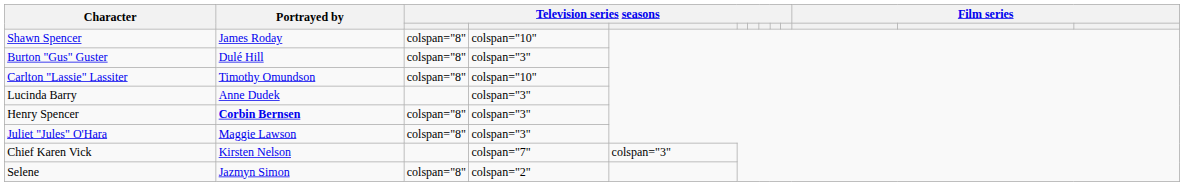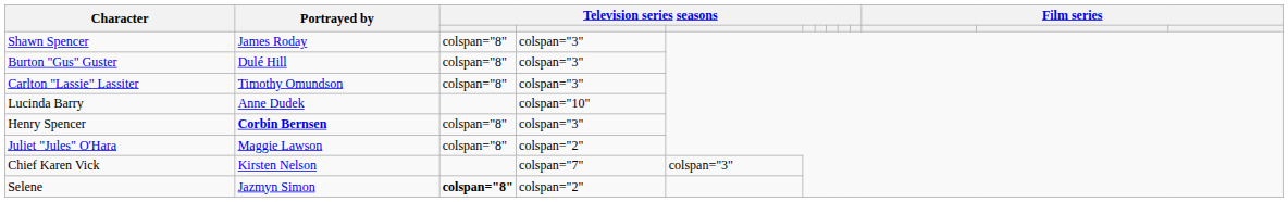 <table class="wikitable">
 <tr>
 <th rowspan="2" width="18%">Character</th>
 <th rowspan="2" width="16%">Portrayed by</th>
 <th colspan="8"><a href='#'>Television series</a> <a href='#'>seasons</a></th>
 <th colspan="3"><a href='#'>Film series</a></th>
 </tr>
 <tr>
 <th width="1%"><a href='#'></a></th>
 <th><a href='#'></a></th>
 <th><a href='#'></a></th>
 <th><a href='#'></a></th>
 <th><a href='#'></a></th>
 <th><a href='#'></a></th>
 <th><a href='#'></a></th>
 <th><a href='#'></a></th>
 <th width="9%"><a href='#'></a></th>
 <th width="15%"><a href='#'></a></th>
 <th width="9%"><a href='#'></a></th>
 </tr>
 <tr>
 <td><a href='#'>Shawn Spencer</a></td>
 <td><a href='#'>James Roday</a></td>
 <td>colspan="8" </td>
-<td>colspan="10" </td>
+<td>colspan="3" </td>
 </tr>
 <tr>
 <td><a href='#'>Burton "Gus" Guster</a></td>
 <td><a href='#'>Dulé Hill</a></td>
 <td>colspan="8" </td>
 <td>colspan="3" </td>
 </tr>
 <tr>
 <td><a href='#'>Carlton "Lassie" Lassiter</a></td>
 <td><a href='#'>Timothy Omundson</a></td>
 <td>colspan="8" </td>
-<td>colspan="10" </td>
+<td>colspan="3" </td>
 </tr>
 <tr>
 <td>Lucinda Barry</td>
 <td><a href='#'>Anne Dudek</a></td>
 <td></td>
-<td>colspan="3" </td>
+<td>colspan="10" </td>
 </tr>
 <tr>
 <td>Henry Spencer</td>
 <td><strong><a href='#'>Corbin Bernsen</a></strong></td>
 <td>colspan="8" </td>
 <td>colspan="3" </td>
 </tr>
 <tr>
 <td><a href='#'>Juliet "Jules" O'Hara</a></td>
 <td><a href='#'>Maggie Lawson</a></td>
 <td>colspan="8" </td>
-<td>colspan="3" </td>
+<td>colspan="2" </td>
 </tr>
 <tr>
 <td>Chief Karen Vick</td>
 <td><a href='#'>Kirsten Nelson</a></td>
 <td></td>
 <td>colspan="7" </td>
 <td>colspan="3" </td>
 </tr>
 <tr>
 <td>Selene</td>
 <td><a href='#'>Jazmyn Simon</a></td>
-<td>colspan="8" </td>
+<td><strong>colspan="8" </strong></td>
 <td>colspan="2" </td>
 <td></td>
 </tr>
 </table>
